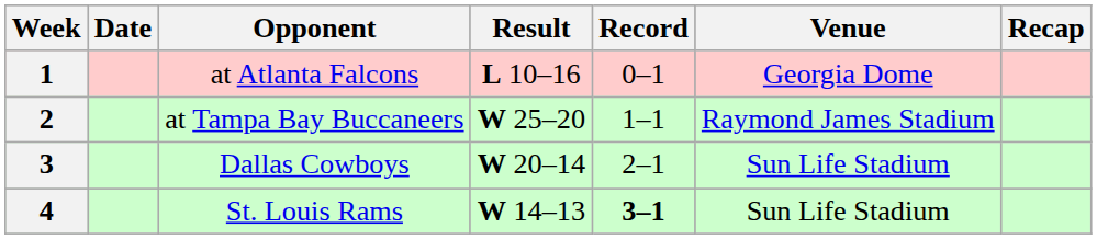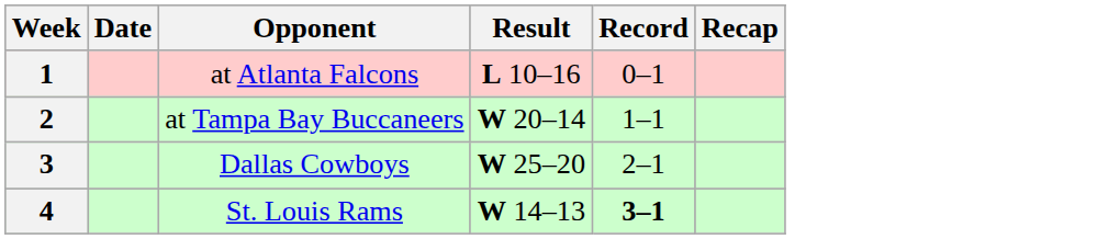 <table class="wikitable" style="text-align:center">
 <tr>
 <th>Week</th>
 <th>Date</th>
 <th>Opponent</th>
 <th>Result</th>
 <th>Record</th>
-<th>Venue</th>
 <th>Recap</th>
 </tr>
 <tr style="background:#fcc">
 <th>1</th>
 <td></td>
 <td>at <a href='#'>Atlanta Falcons</a></td>
 <td><strong>L</strong> 10–16</td>
 <td>0–1</td>
-<td><a href='#'>Georgia Dome</a></td>
 <td></td>
 </tr>
 <tr style="background:#cfc">
 <th>2</th>
 <td></td>
 <td>at <a href='#'>Tampa Bay Buccaneers</a></td>
-<td><strong>W</strong> 25–20</td>
+<td><strong>W</strong> 20–14</td>
 <td>1–1</td>
-<td><a href='#'>Raymond James Stadium</a></td>
 <td></td>
 </tr>
 <tr style="background:#cfc">
 <th>3</th>
 <td></td>
 <td><a href='#'>Dallas Cowboys</a></td>
-<td><strong>W</strong> 20–14</td>
+<td><strong>W</strong> 25–20</td>
 <td>2–1</td>
-<td><a href='#'>Sun Life Stadium</a></td>
 <td></td>
 </tr>
 <tr style="background:#cfc">
 <th>4</th>
 <td></td>
 <td><a href='#'>St. Louis Rams</a></td>
 <td><strong>W</strong> 14–13</td>
 <td><strong>3–1</strong></td>
-<td>Sun Life Stadium</td>
 <td></td>
 </tr>
 </table>
